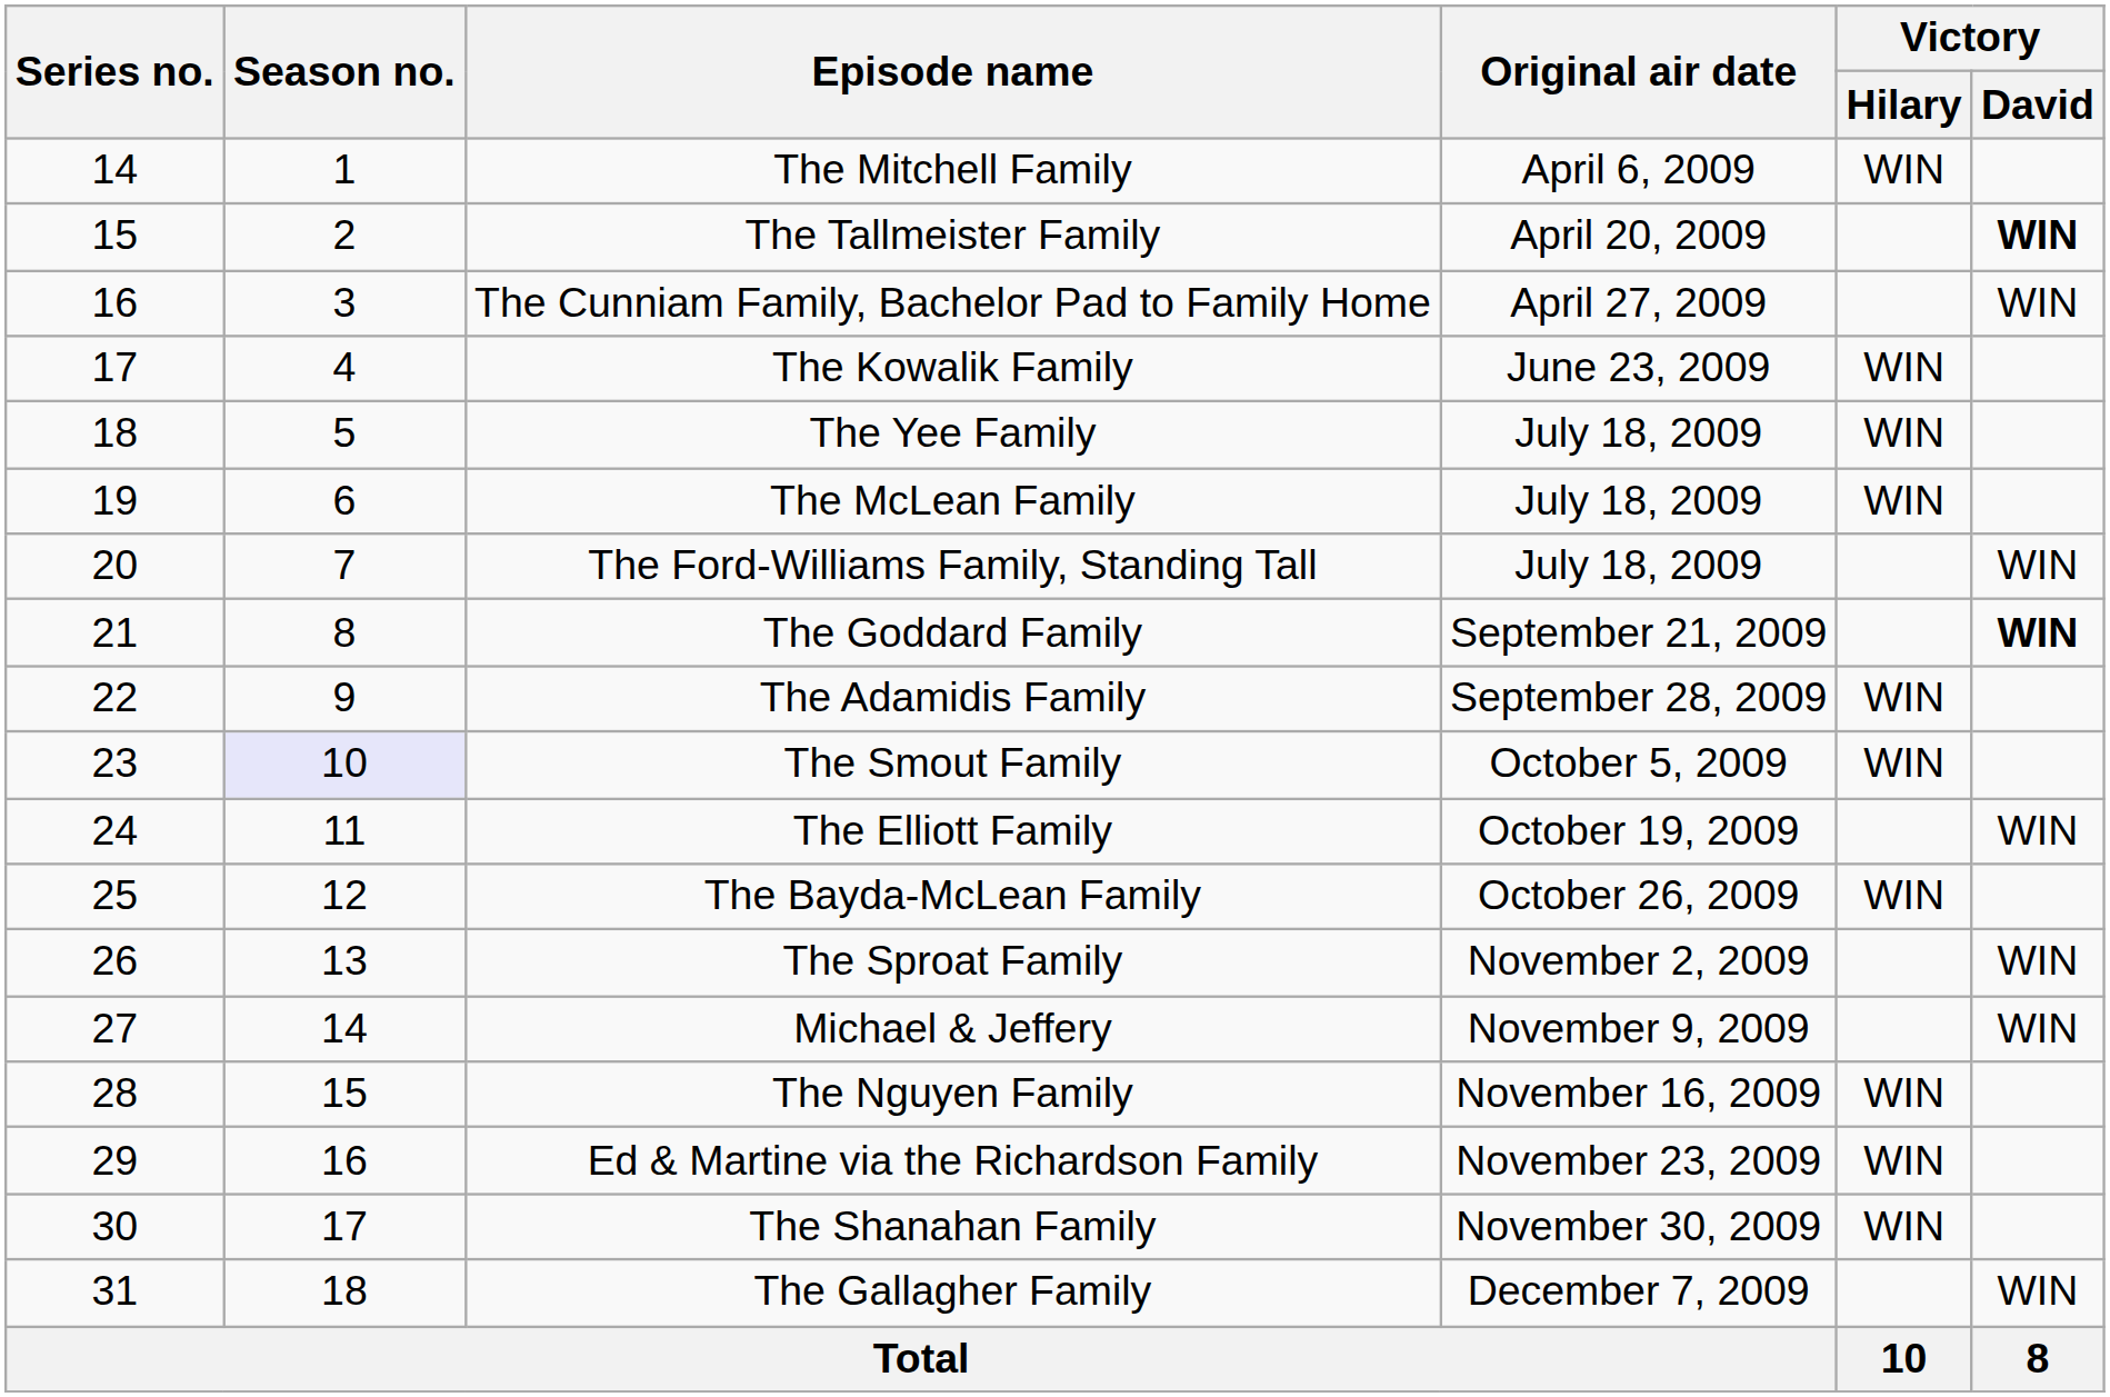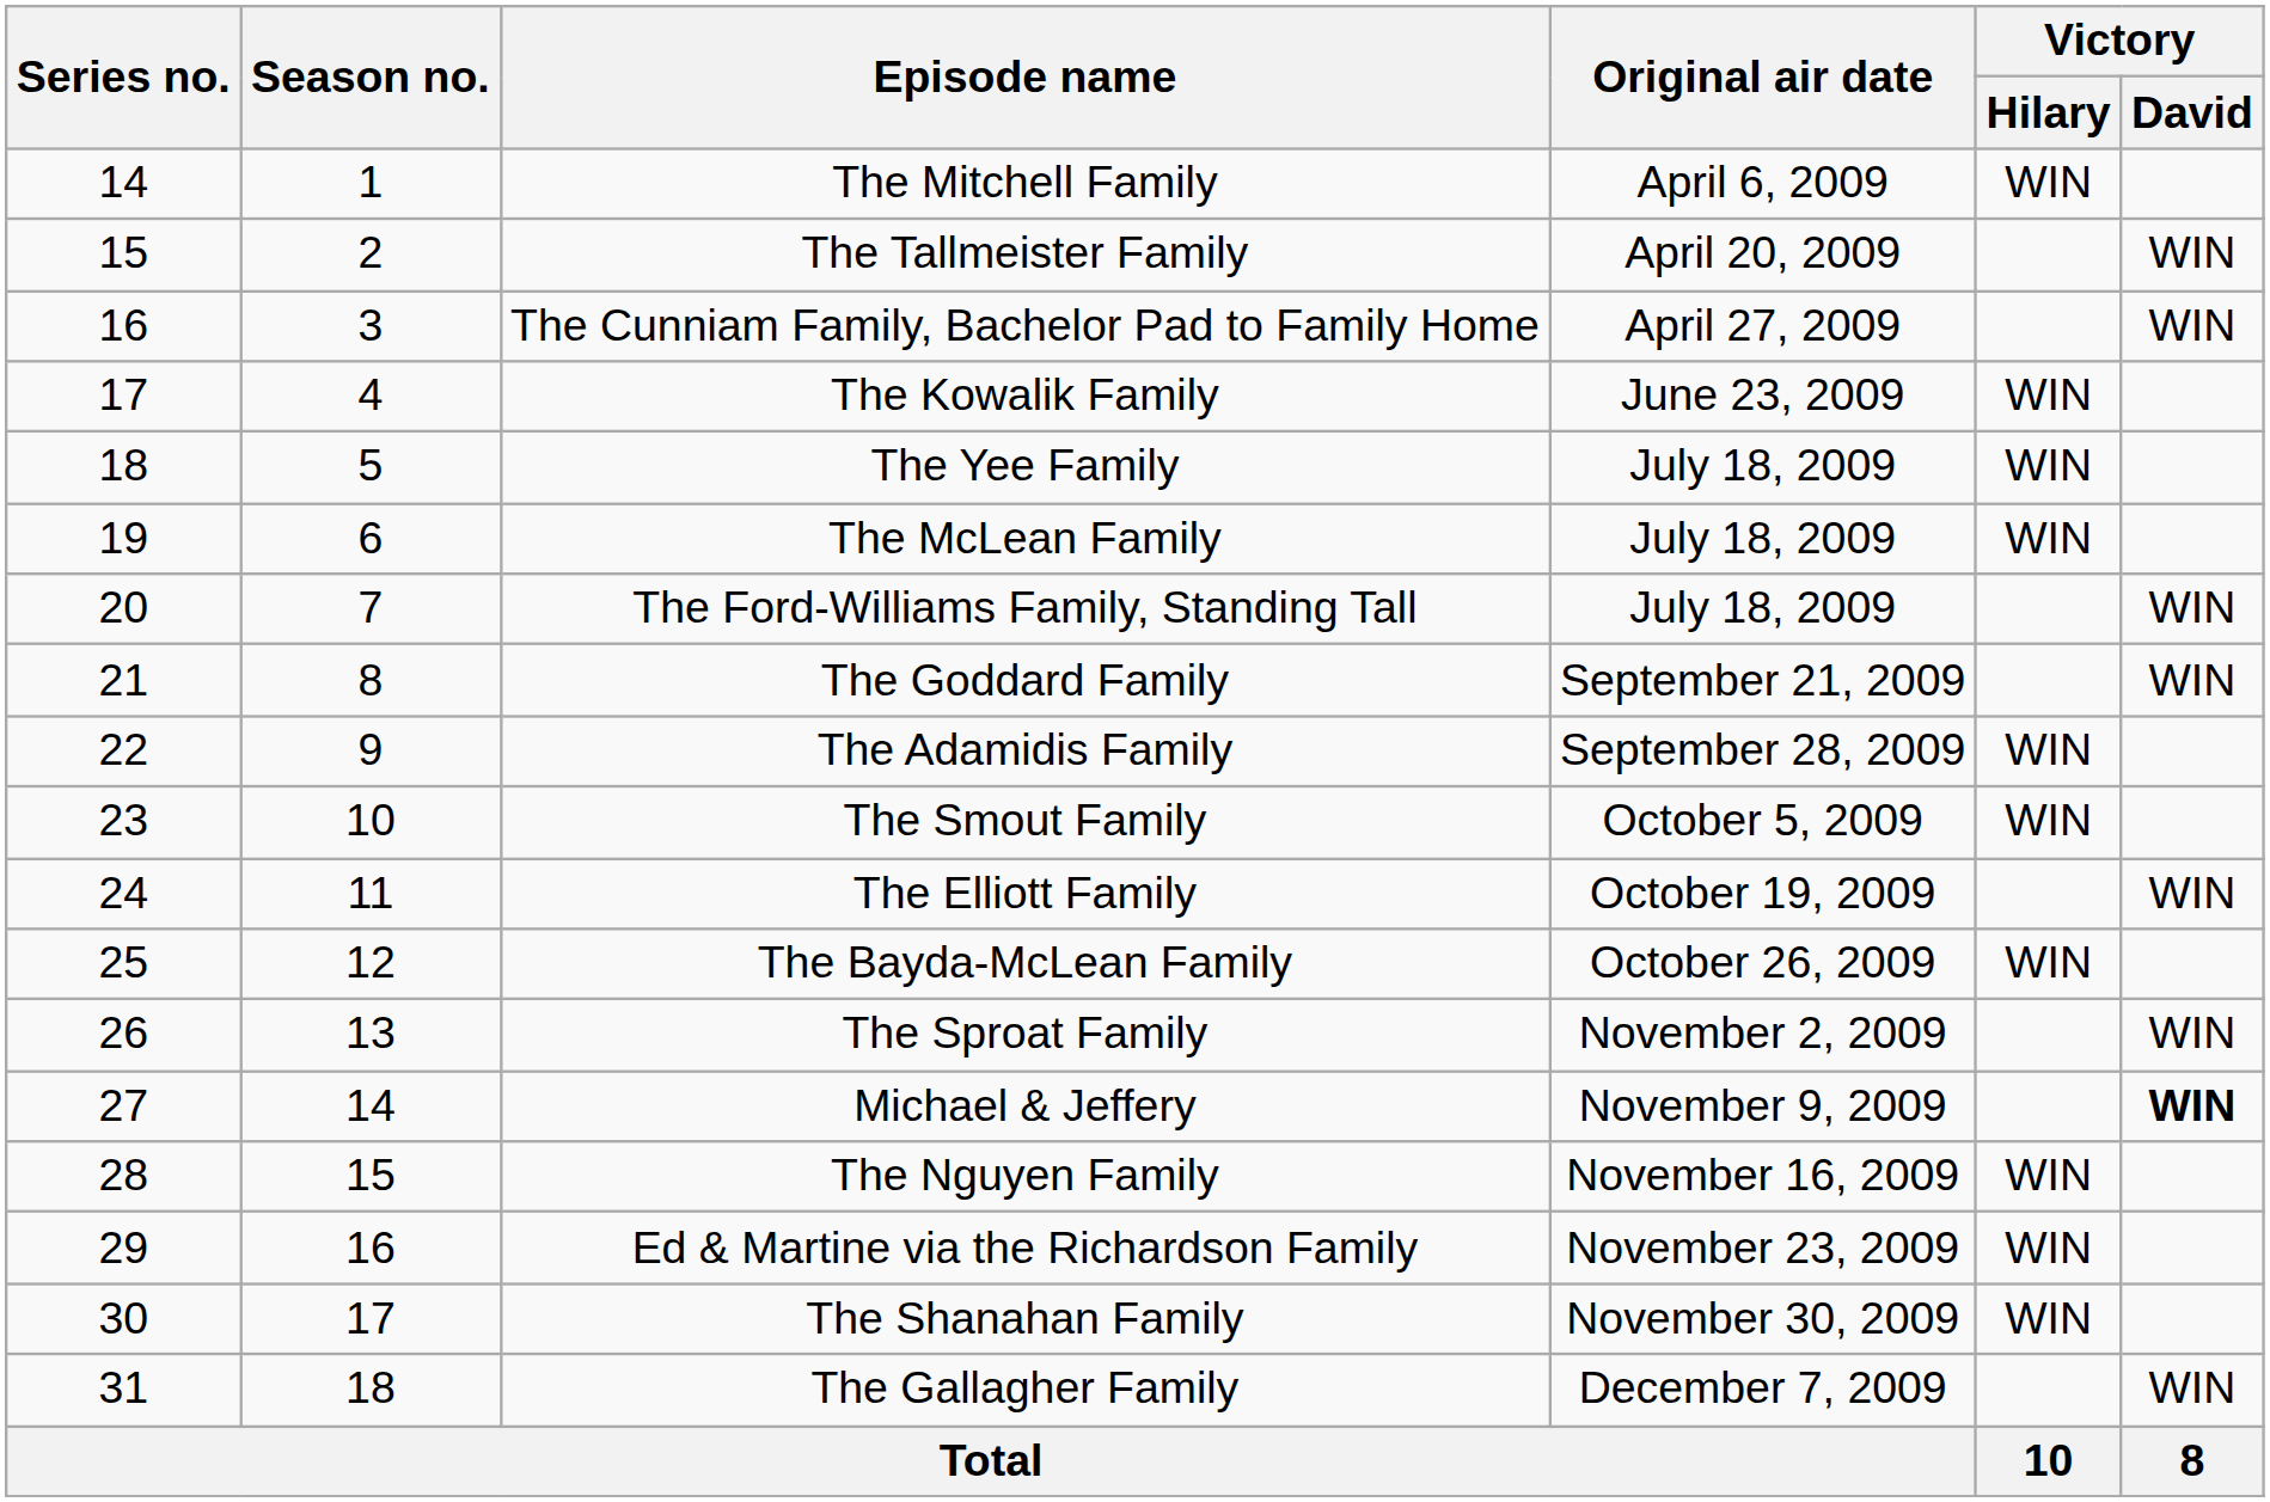 <table class="wikitable sortable" style="text-align:center">
 <tr>
 <th rowspan=2>Series no.</th>
 <th rowspan=2>Season no.</th>
 <th rowspan=2>Episode name</th>
 <th rowspan=2>Original air date</th>
 <th colspan=2>Victory</th>
 </tr>
 <tr>
 <th>Hilary</th>
 <th>David</th>
 </tr>
 <tr>
 <td>14</td>
 <td>1</td>
 <td>The Mitchell Family</td>
 <td>April 6, 2009</td>
 <td align=center>WIN</td>
 <td align=center></td>
 </tr>
 <tr>
 <td>15</td>
 <td>2</td>
 <td>The Tallmeister Family</td>
 <td>April 20, 2009</td>
 <td align=center></td>
-<td align=center><strong>WIN</strong></td>
+<td align=center>WIN</td>
 </tr>
 <tr>
 <td>16</td>
 <td>3</td>
 <td>The Cunniam Family, Bachelor Pad to Family Home</td>
 <td>April 27, 2009</td>
 <td align=center></td>
 <td align=center>WIN</td>
 </tr>
 <tr>
 <td>17</td>
 <td>4</td>
 <td>The Kowalik Family</td>
 <td>June 23, 2009</td>
 <td align=center>WIN</td>
 <td align=center></td>
 </tr>
 <tr>
 <td>18</td>
 <td>5</td>
 <td>The Yee Family</td>
 <td>July 18, 2009</td>
 <td align=center>WIN</td>
 <td align=center></td>
 </tr>
 <tr>
 <td>19</td>
 <td>6</td>
 <td>The McLean Family</td>
 <td>July 18, 2009</td>
 <td align="center">WIN</td>
 <td align="center"></td>
 </tr>
 <tr>
 <td>20</td>
 <td>7</td>
 <td>The Ford-Williams Family, Standing Tall</td>
 <td>July 18, 2009</td>
 <td align=center></td>
 <td align="center">WIN</td>
 </tr>
 <tr>
 <td>21</td>
 <td>8</td>
 <td>The Goddard Family</td>
 <td>September 21, 2009</td>
 <td align=center></td>
-<td align=center><strong>WIN</strong></td>
+<td align=center>WIN</td>
 </tr>
 <tr>
 <td>22</td>
 <td>9</td>
 <td>The Adamidis Family</td>
 <td>September 28, 2009</td>
 <td align=center>WIN</td>
 <td align=center></td>
 </tr>
 <tr>
 <td>23</td>
-<td style="background: lavender;">10</td>
+<td>10</td>
 <td>The Smout Family</td>
 <td>October 5, 2009</td>
 <td align=center>WIN</td>
 <td align=center></td>
 </tr>
 <tr>
 <td>24</td>
 <td>11</td>
 <td>The Elliott Family</td>
 <td>October 19, 2009</td>
 <td align=center></td>
 <td align=center>WIN</td>
 </tr>
 <tr>
 <td>25</td>
 <td>12</td>
 <td>The Bayda-McLean Family</td>
 <td>October 26, 2009</td>
 <td align=center>WIN</td>
 <td align=center></td>
 </tr>
 <tr>
 <td>26</td>
 <td>13</td>
 <td>The Sproat Family</td>
 <td>November 2, 2009</td>
 <td align=center></td>
 <td align=center>WIN</td>
 </tr>
 <tr>
 <td>27</td>
 <td>14</td>
 <td>Michael & Jeffery</td>
 <td>November 9, 2009</td>
 <td align=center></td>
-<td align=center>WIN</td>
+<td align=center><strong>WIN</strong></td>
 </tr>
 <tr>
 <td>28</td>
 <td>15</td>
 <td>The Nguyen Family</td>
 <td>November 16, 2009</td>
 <td align=center>WIN</td>
 <td align=center></td>
 </tr>
 <tr>
 <td>29</td>
 <td>16</td>
 <td>Ed & Martine via the Richardson Family</td>
 <td>November 23, 2009</td>
 <td align=center>WIN</td>
 <td align=center></td>
 </tr>
 <tr>
 <td>30</td>
 <td>17</td>
 <td>The Shanahan Family</td>
 <td>November 30, 2009</td>
 <td align=center>WIN</td>
 <td align=center></td>
 </tr>
 <tr>
 <td>31</td>
 <td>18</td>
 <td>The Gallagher Family</td>
 <td>December 7, 2009</td>
 <td align=center></td>
 <td align=center>WIN</td>
 </tr>
 <tr>
 <th colspan=4>Total</th>
 <th>10</th>
 <th>8</th>
 </tr>
 <tr>
 </tr>
 </table>
